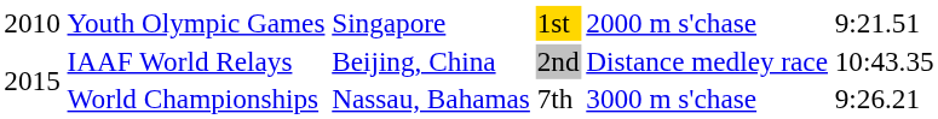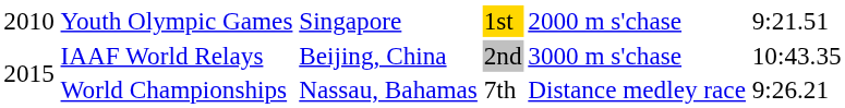 <table>
 <tr>
 <td>2010</td>
 <td><a href='#'>Youth Olympic Games</a></td>
 <td><a href='#'>Singapore</a></td>
 <td bgcolor=gold>1st</td>
 <td><a href='#'>2000 m s'chase</a></td>
 <td>9:21.51</td>
 </tr>
 <tr>
 <td rowspan=2>2015</td>
 <td><a href='#'>IAAF World Relays</a></td>
 <td><a href='#'>Beijing, China</a></td>
 <td bgcolor=silver>2nd</td>
-<td><a href='#'>Distance medley race</a></td>
+<td><a href='#'>3000 m s'chase</a></td>
 <td>10:43.35 </td>
 </tr>
 <tr>
 <td><a href='#'>World Championships</a></td>
 <td><a href='#'>Nassau, Bahamas</a></td>
 <td>7th</td>
-<td><a href='#'>3000 m s'chase</a></td>
+<td><a href='#'>Distance medley race</a></td>
 <td>9:26.21</td>
 </tr>
 </table>
